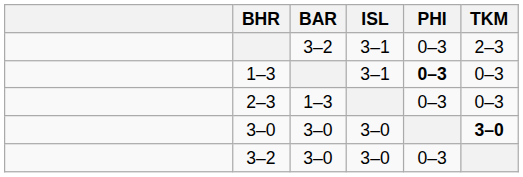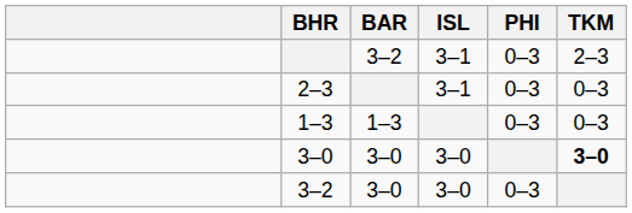 <table class="wikitable" style="text-align:center; font-size:90%">
 <tr>
 <th width="180"> </th>
 <th width="40">BHR</th>
 <th width="40">BAR</th>
 <th width="40">ISL</th>
 <th width="40">PHI</th>
 <th width="40">TKM</th>
 </tr>
 <tr>
 <td style="text-align:left;"></td>
 <th></th>
 <td>3–2</td>
 <td>3–1</td>
 <td>0–3</td>
 <td>2–3</td>
 </tr>
 <tr>
 <td style="text-align:left;"></td>
-<td>1–3</td>
+<td>2–3</td>
 <th></th>
 <td>3–1</td>
-<td><strong>0–3</strong></td>
+<td>0–3</td>
 <td>0–3</td>
 </tr>
 <tr>
 <td style="text-align:left;"></td>
-<td>2–3</td>
+<td>1–3</td>
 <td>1–3</td>
 <th></th>
 <td>0–3</td>
 <td>0–3</td>
 </tr>
 <tr>
 <td style="text-align:left;"></td>
 <td>3–0</td>
 <td>3–0</td>
 <td>3–0</td>
 <th></th>
 <td><strong>3–0</strong></td>
 </tr>
 <tr>
 <td style="text-align:left;"></td>
 <td>3–2</td>
 <td>3–0</td>
 <td>3–0</td>
 <td>0–3</td>
 <th></th>
 </tr>
 </table>
